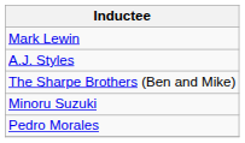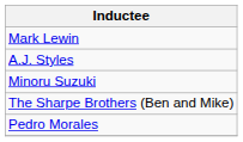 <table class="wikitable">
 <tr>
 <th>Inductee</th>
 </tr>
 <tr>
 <td><a href='#'>Mark Lewin</a></td>
 </tr>
 <tr>
 <td><a href='#'>A.J. Styles</a></td>
 </tr>
 <tr>
-<td><a href='#'>The Sharpe Brothers</a> (Ben and Mike)</td>
+<td><a href='#'>Minoru Suzuki</a></td>
 </tr>
 <tr>
-<td><a href='#'>Minoru Suzuki</a></td>
+<td><a href='#'>The Sharpe Brothers</a> (Ben and Mike)</td>
 </tr>
 <tr>
 <td><a href='#'>Pedro Morales</a></td>
 </tr>
 <tr>
 </tr>
 </table>
